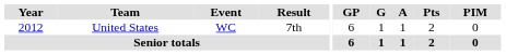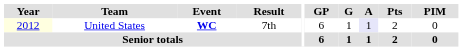 <table border="0" cellpadding="1" cellspacing="0" ID="Table3" style="text-align:center; width:40em;">
 <tr bgcolor="#e0e0e0">
 <th>Year</th>
 <th>Team</th>
 <th>Event</th>
 <th>Result</th>
 <th rowspan="99" bgcolor="#ffffff"></th>
 <th>GP</th>
 <th>G</th>
 <th>A</th>
 <th>Pts</th>
 <th>PIM</th>
 </tr>
 <tr>
-<td><a href='#'>2012</a></td>
+<td style="background: lightyellow;"><a href='#'>2012</a></td>
 <td><a href='#'>United States</a></td>
-<td><a href='#'>WC</a></td>
+<td><strong><a href='#'>WC</a></strong></td>
 <td>7th</td>
 <td>6</td>
 <td>1</td>
-<td>1</td>
+<td style="background: lavender;">1</td>
 <td>2</td>
 <td>0</td>
 </tr>
 <tr bgcolor="#e0e0e0">
 <th colspan="4">Senior totals</th>
 <th>6</th>
 <th>1</th>
 <th>1</th>
 <th>2</th>
 <th>0</th>
 </tr>
 </table>
